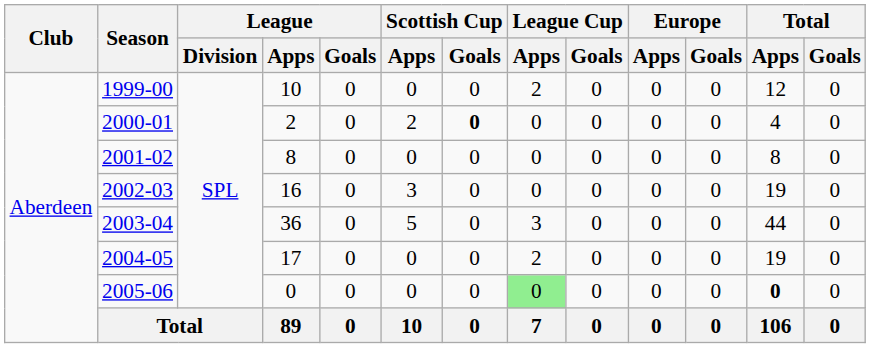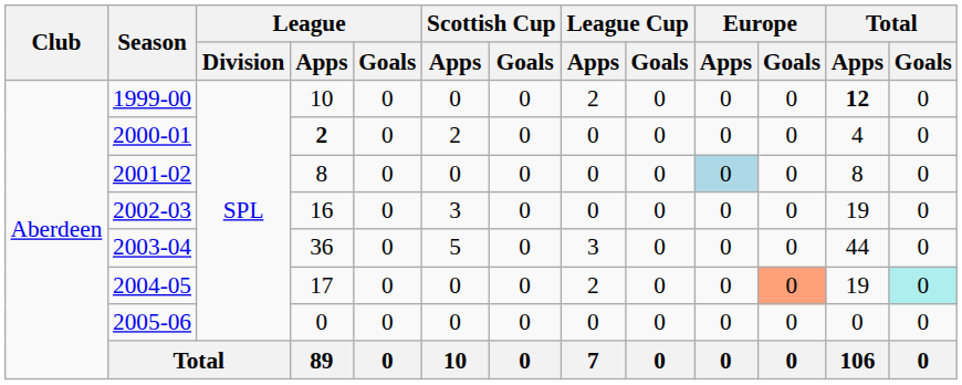 <table class="wikitable" style="text-align: center;">
 <tr>
 <th rowspan="2">Club</th>
 <th rowspan="2">Season</th>
 <th colspan="3">League</th>
 <th colspan="2">Scottish Cup</th>
 <th colspan="2">League Cup</th>
 <th colspan="2">Europe</th>
 <th colspan="2">Total</th>
 </tr>
 <tr>
 <th>Division</th>
 <th>Apps</th>
 <th>Goals</th>
 <th>Apps</th>
 <th>Goals</th>
 <th>Apps</th>
 <th>Goals</th>
 <th>Apps</th>
 <th>Goals</th>
 <th>Apps</th>
 <th>Goals</th>
 </tr>
 <tr>
 <td rowspan="8"><a href='#'>Aberdeen</a></td>
 <td><a href='#'>1999-00</a></td>
 <td rowspan="7"><a href='#'>SPL</a></td>
 <td>10</td>
 <td>0</td>
 <td>0</td>
 <td>0</td>
 <td>2</td>
 <td>0</td>
 <td>0</td>
 <td>0</td>
-<td>12</td>
+<td><strong>12</strong></td>
 <td>0</td>
 </tr>
 <tr>
 <td><a href='#'>2000-01</a></td>
+<td><strong>2</strong></td>
+<td>0</td>
 <td>2</td>
 <td>0</td>
-<td>2</td>
-<td><strong>0</strong></td>
 <td>0</td>
 <td>0</td>
 <td>0</td>
 <td>0</td>
 <td>4</td>
 <td>0</td>
 </tr>
 <tr>
 <td><a href='#'>2001-02</a></td>
 <td>8</td>
 <td>0</td>
 <td>0</td>
 <td>0</td>
 <td>0</td>
 <td>0</td>
-<td>0</td>
+<td style="background: lightblue;">0</td>
 <td>0</td>
 <td>8</td>
 <td>0</td>
 </tr>
 <tr>
 <td><a href='#'>2002-03</a></td>
 <td>16</td>
 <td>0</td>
 <td>3</td>
 <td>0</td>
 <td>0</td>
 <td>0</td>
 <td>0</td>
 <td>0</td>
 <td>19</td>
 <td>0</td>
 </tr>
 <tr>
 <td><a href='#'>2003-04</a></td>
 <td>36</td>
 <td>0</td>
 <td>5</td>
 <td>0</td>
 <td>3</td>
 <td>0</td>
 <td>0</td>
 <td>0</td>
 <td>44</td>
 <td>0</td>
 </tr>
 <tr>
 <td><a href='#'>2004-05</a></td>
 <td>17</td>
 <td>0</td>
 <td>0</td>
 <td>0</td>
 <td>2</td>
 <td>0</td>
 <td>0</td>
-<td>0</td>
+<td style="background: lightsalmon;">0</td>
 <td>19</td>
-<td>0</td>
+<td style="background: paleturquoise;">0</td>
 </tr>
 <tr>
 <td><a href='#'>2005-06</a></td>
 <td>0</td>
 <td>0</td>
 <td>0</td>
 <td>0</td>
-<td style="background: lightgreen;">0</td>
 <td>0</td>
 <td>0</td>
 <td>0</td>
-<td><strong>0</strong></td>
+<td>0</td>
+<td>0</td>
 <td>0</td>
 </tr>
 <tr>
 <th colspan="2">Total</th>
 <th>89</th>
 <th>0</th>
 <th>10</th>
 <th>0</th>
 <th>7</th>
 <th>0</th>
 <th>0</th>
 <th>0</th>
 <th>106</th>
 <th>0</th>
 </tr>
 </table>
